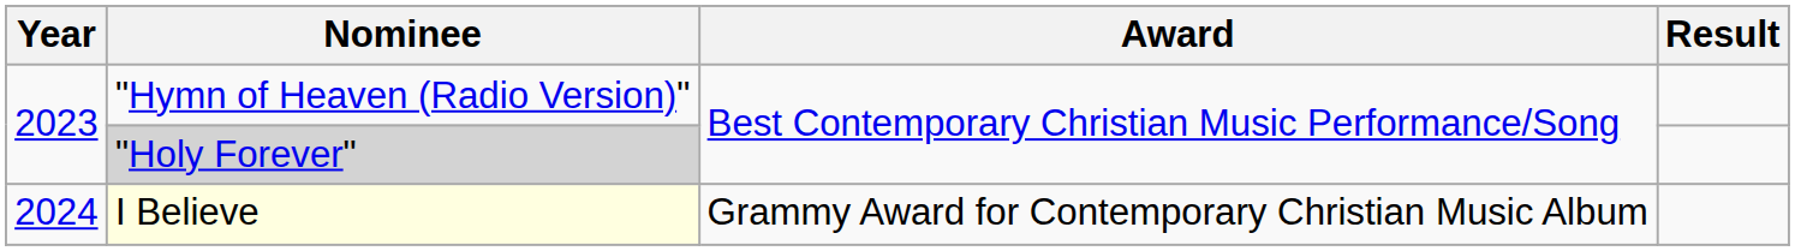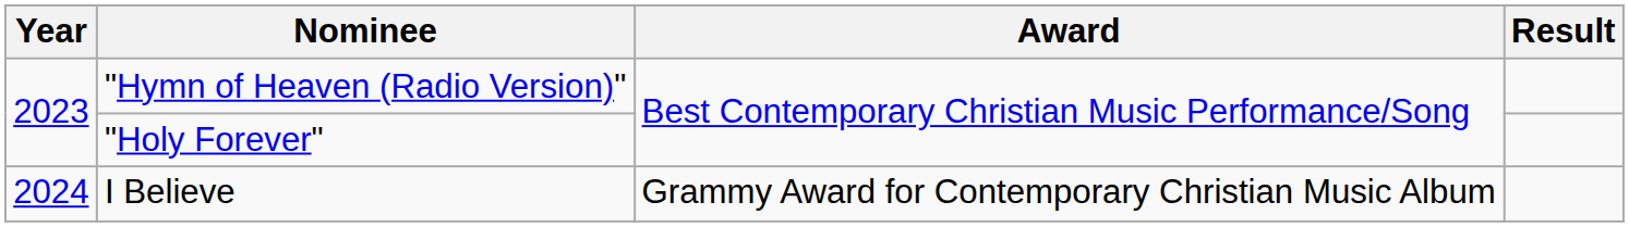 <table class="wikitable">
 <tr>
 <th>Year</th>
 <th>Nominee</th>
 <th>Award</th>
 <th>Result</th>
 </tr>
 <tr>
 <td rowspan="2"><a href='#'>2023</a></td>
 <td>"<a href='#'>Hymn of Heaven (Radio Version)</a>"</td>
 <td rowspan="2"><a href='#'>Best Contemporary Christian Music Performance/Song</a></td>
 <td></td>
 </tr>
 <tr>
-<td style="background: lightgrey;">"<a href='#'>Holy Forever</a>"<br></td>
+<td>"<a href='#'>Holy Forever</a>"<br></td>
 <td></td>
 </tr>
 <tr>
 <td rowspan="2"><a href='#'>2024</a></td>
-<td style="background: lightyellow;">I Believe</td>
+<td>I Believe</td>
 <td rowspan="2">Grammy Award for Contemporary Christian Music Album</td>
 <td></td>
 </tr>
 </table>
